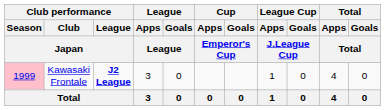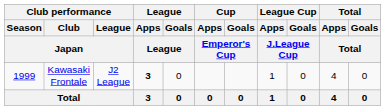 <table class="wikitable" style="text-align:center;">
 <tr>
 <th colspan=3>Club performance</th>
 <th colspan=2>League</th>
 <th colspan=2>Cup</th>
 <th colspan=2>League Cup</th>
 <th colspan=2>Total</th>
 </tr>
 <tr>
 <th>Season</th>
 <th>Club</th>
 <th>League</th>
 <th>Apps</th>
 <th>Goals</th>
 <th>Apps</th>
 <th>Goals</th>
 <th>Apps</th>
 <th>Goals</th>
 <th>Apps</th>
 <th>Goals</th>
 </tr>
 <tr>
 <th colspan=3>Japan</th>
 <th colspan=2>League</th>
 <th colspan=2><a href='#'>Emperor's Cup</a></th>
 <th colspan=2><a href='#'>J.League Cup</a></th>
 <th colspan=2>Total</th>
 </tr>
 <tr>
-<td style="background: pink;"><a href='#'>1999</a></td>
+<td><a href='#'>1999</a></td>
 <td><a href='#'>Kawasaki Frontale</a></td>
-<td><strong><a href='#'>J2 League</a></strong></td>
-<td>3</td>
+<td><a href='#'>J2 League</a></td>
+<td><strong>3</strong></td>
 <td>0</td>
 <td></td>
 <td></td>
 <td>1</td>
 <td>0</td>
 <td>4</td>
 <td>0</td>
 </tr>
 <tr>
 <th colspan=3>Total</th>
 <th>3</th>
 <th>0</th>
 <th>0</th>
 <th>0</th>
 <th>1</th>
 <th>0</th>
 <th>4</th>
 <th>0</th>
 </tr>
 </table>
